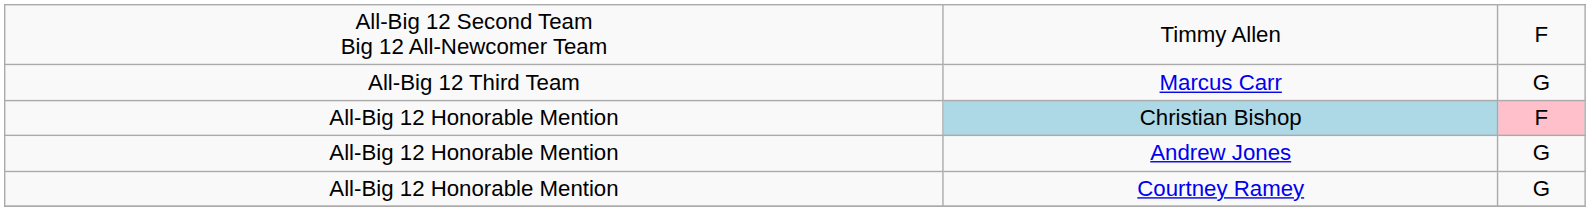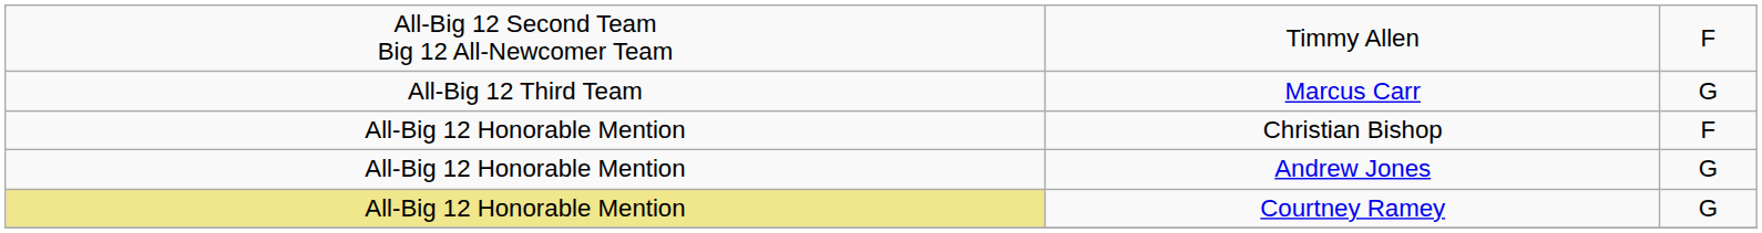 <table class="wikitable" style="width: 90%;text-align: center;">
 <tr align="center">
 <td rowspan="1">All-Big 12 Second Team<br>Big 12 All-Newcomer Team</td>
 <td>Timmy Allen</td>
 <td>F</td>
 </tr>
 <tr>
 <td rowspan="1">All-Big 12 Third Team</td>
 <td><a href='#'>Marcus Carr</a></td>
 <td>G</td>
 </tr>
 <tr>
 <td rowspan="1">All-Big 12 Honorable Mention</td>
-<td style="background: lightblue;">Christian Bishop</td>
-<td style="background: pink;">F</td>
+<td>Christian Bishop</td>
+<td>F</td>
 </tr>
 <tr>
 <td rowspan="1">All-Big 12 Honorable Mention</td>
 <td><a href='#'>Andrew Jones</a></td>
 <td>G</td>
 </tr>
 <tr>
-<td rowspan="1">All-Big 12 Honorable Mention</td>
+<td rowspan="1" style="background: khaki;">All-Big 12 Honorable Mention</td>
 <td><a href='#'>Courtney Ramey</a></td>
 <td>G</td>
 </tr>
 <tr>
 </tr>
 </table>
